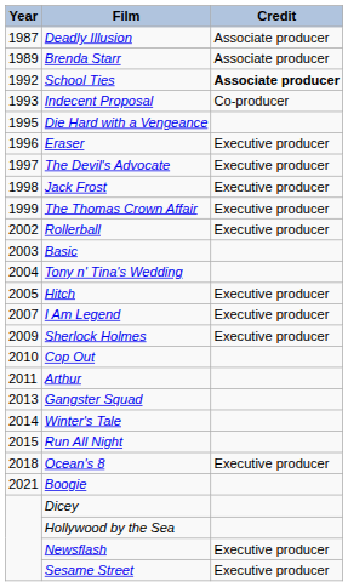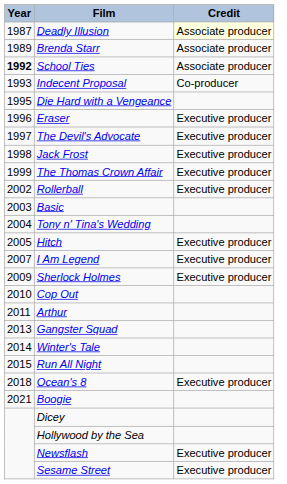 <table class="wikitable" style="font-size:95%;">
 <tr>
 <th style="background:#B0C4DE;">Year</th>
 <th style="background:#B0C4DE;">Film</th>
 <th style="background:#B0C4DE;">Credit</th>
 </tr>
 <tr>
 <td>1987</td>
 <td><em><a href='#'>Deadly Illusion</a></em></td>
-<td>Associate producer</td>
+<td style="background: lightyellow;">Associate producer</td>
 </tr>
 <tr>
 <td>1989</td>
 <td><em><a href='#'>Brenda Starr</a></em></td>
 <td>Associate producer</td>
 </tr>
 <tr>
-<td>1992</td>
+<td><strong>1992</strong></td>
 <td><em><a href='#'>School Ties</a></em></td>
-<td><strong>Associate producer</strong></td>
+<td>Associate producer</td>
 </tr>
 <tr>
 <td>1993</td>
 <td><em><a href='#'>Indecent Proposal</a></em></td>
 <td>Co-producer</td>
 </tr>
 <tr>
 <td>1995</td>
 <td><em><a href='#'>Die Hard with a Vengeance</a></em></td>
 <td></td>
 </tr>
 <tr>
 <td>1996</td>
 <td><em><a href='#'>Eraser</a></em></td>
 <td>Executive producer</td>
 </tr>
 <tr>
 <td>1997</td>
 <td><em><a href='#'>The Devil's Advocate</a></em></td>
 <td>Executive producer</td>
 </tr>
 <tr>
 <td>1998</td>
 <td><em><a href='#'>Jack Frost</a></em></td>
 <td>Executive producer</td>
 </tr>
 <tr>
 <td>1999</td>
 <td><em><a href='#'>The Thomas Crown Affair</a></em></td>
 <td>Executive producer</td>
 </tr>
 <tr>
 <td>2002</td>
 <td><em><a href='#'>Rollerball</a></em></td>
 <td>Executive producer</td>
 </tr>
 <tr>
 <td>2003</td>
 <td><em><a href='#'>Basic</a></em></td>
 <td></td>
 </tr>
 <tr>
 <td>2004</td>
 <td><em><a href='#'>Tony n' Tina's Wedding</a></em></td>
 <td></td>
 </tr>
 <tr>
 <td>2005</td>
 <td><em><a href='#'>Hitch</a></em></td>
 <td>Executive producer</td>
 </tr>
 <tr>
 <td>2007</td>
 <td><em><a href='#'>I Am Legend</a></em></td>
 <td>Executive producer</td>
 </tr>
 <tr>
 <td>2009</td>
 <td><em><a href='#'>Sherlock Holmes</a></em></td>
 <td>Executive producer</td>
 </tr>
 <tr>
 <td>2010</td>
 <td><em><a href='#'>Cop Out</a></em></td>
 <td></td>
 </tr>
 <tr>
 <td>2011</td>
 <td><em><a href='#'>Arthur</a></em></td>
 <td></td>
 </tr>
 <tr>
 <td>2013</td>
 <td><em><a href='#'>Gangster Squad</a></em></td>
 <td></td>
 </tr>
 <tr>
 <td>2014</td>
 <td><em><a href='#'>Winter's Tale</a></em></td>
 <td></td>
 </tr>
 <tr>
 <td>2015</td>
 <td><em><a href='#'>Run All Night</a></em></td>
 <td></td>
 </tr>
 <tr>
 <td>2018</td>
 <td><em><a href='#'>Ocean's 8</a></em></td>
 <td>Executive producer</td>
 </tr>
 <tr>
 <td>2021</td>
 <td><em><a href='#'>Boogie</a></em></td>
 <td></td>
 </tr>
 <tr>
 <td rowspan="4" style="text-align:center;"></td>
 <td><em>Dicey</em></td>
 <td></td>
 </tr>
 <tr>
 <td><em>Hollywood by the Sea</em></td>
 <td></td>
 </tr>
 <tr>
 <td><em><a href='#'>Newsflash</a></em></td>
 <td>Executive producer</td>
 </tr>
 <tr>
 <td><em><a href='#'>Sesame Street</a></em></td>
 <td>Executive producer</td>
 </tr>
 </table>
